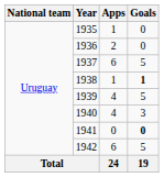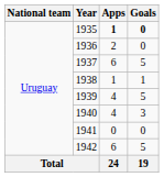 <table class=wikitable style=text-align:center>
 <tr>
 <th>National team</th>
 <th>Year</th>
 <th>Apps</th>
 <th>Goals</th>
 </tr>
 <tr>
 <td rowspan=8><a href='#'>Uruguay</a></td>
 <td>1935</td>
-<td>1</td>
-<td>0</td>
+<td><strong>1</strong></td>
+<td><strong>0</strong></td>
 </tr>
 <tr>
 <td>1936</td>
 <td>2</td>
 <td>0</td>
 </tr>
 <tr>
 <td>1937</td>
 <td>6</td>
 <td>5</td>
 </tr>
 <tr>
 <td>1938</td>
 <td>1</td>
-<td><strong>1</strong></td>
+<td>1</td>
 </tr>
 <tr>
 <td>1939</td>
 <td>4</td>
 <td>5</td>
 </tr>
 <tr>
 <td>1940</td>
 <td>4</td>
 <td>3</td>
 </tr>
 <tr>
 <td>1941</td>
 <td>0</td>
-<td><strong>0</strong></td>
+<td>0</td>
 </tr>
 <tr>
 <td>1942</td>
 <td>6</td>
 <td>5</td>
 </tr>
 <tr>
 <th colspan=2>Total</th>
 <th>24</th>
 <th>19</th>
 </tr>
 </table>
